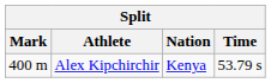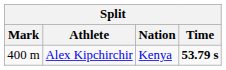 <table class="wikitable">
 <tr>
 <th colspan=4>Split</th>
 </tr>
 <tr>
 <th>Mark</th>
 <th>Athlete</th>
 <th>Nation</th>
 <th>Time</th>
 </tr>
 <tr>
 <td align="center">400 m</td>
 <td align="left"><a href='#'>Alex Kipchirchir</a></td>
 <td align="left"> <a href='#'>Kenya</a></td>
-<td align="center">53.79 s</td>
+<td align="center"><strong>53.79 s</strong></td>
 </tr>
 </table>
